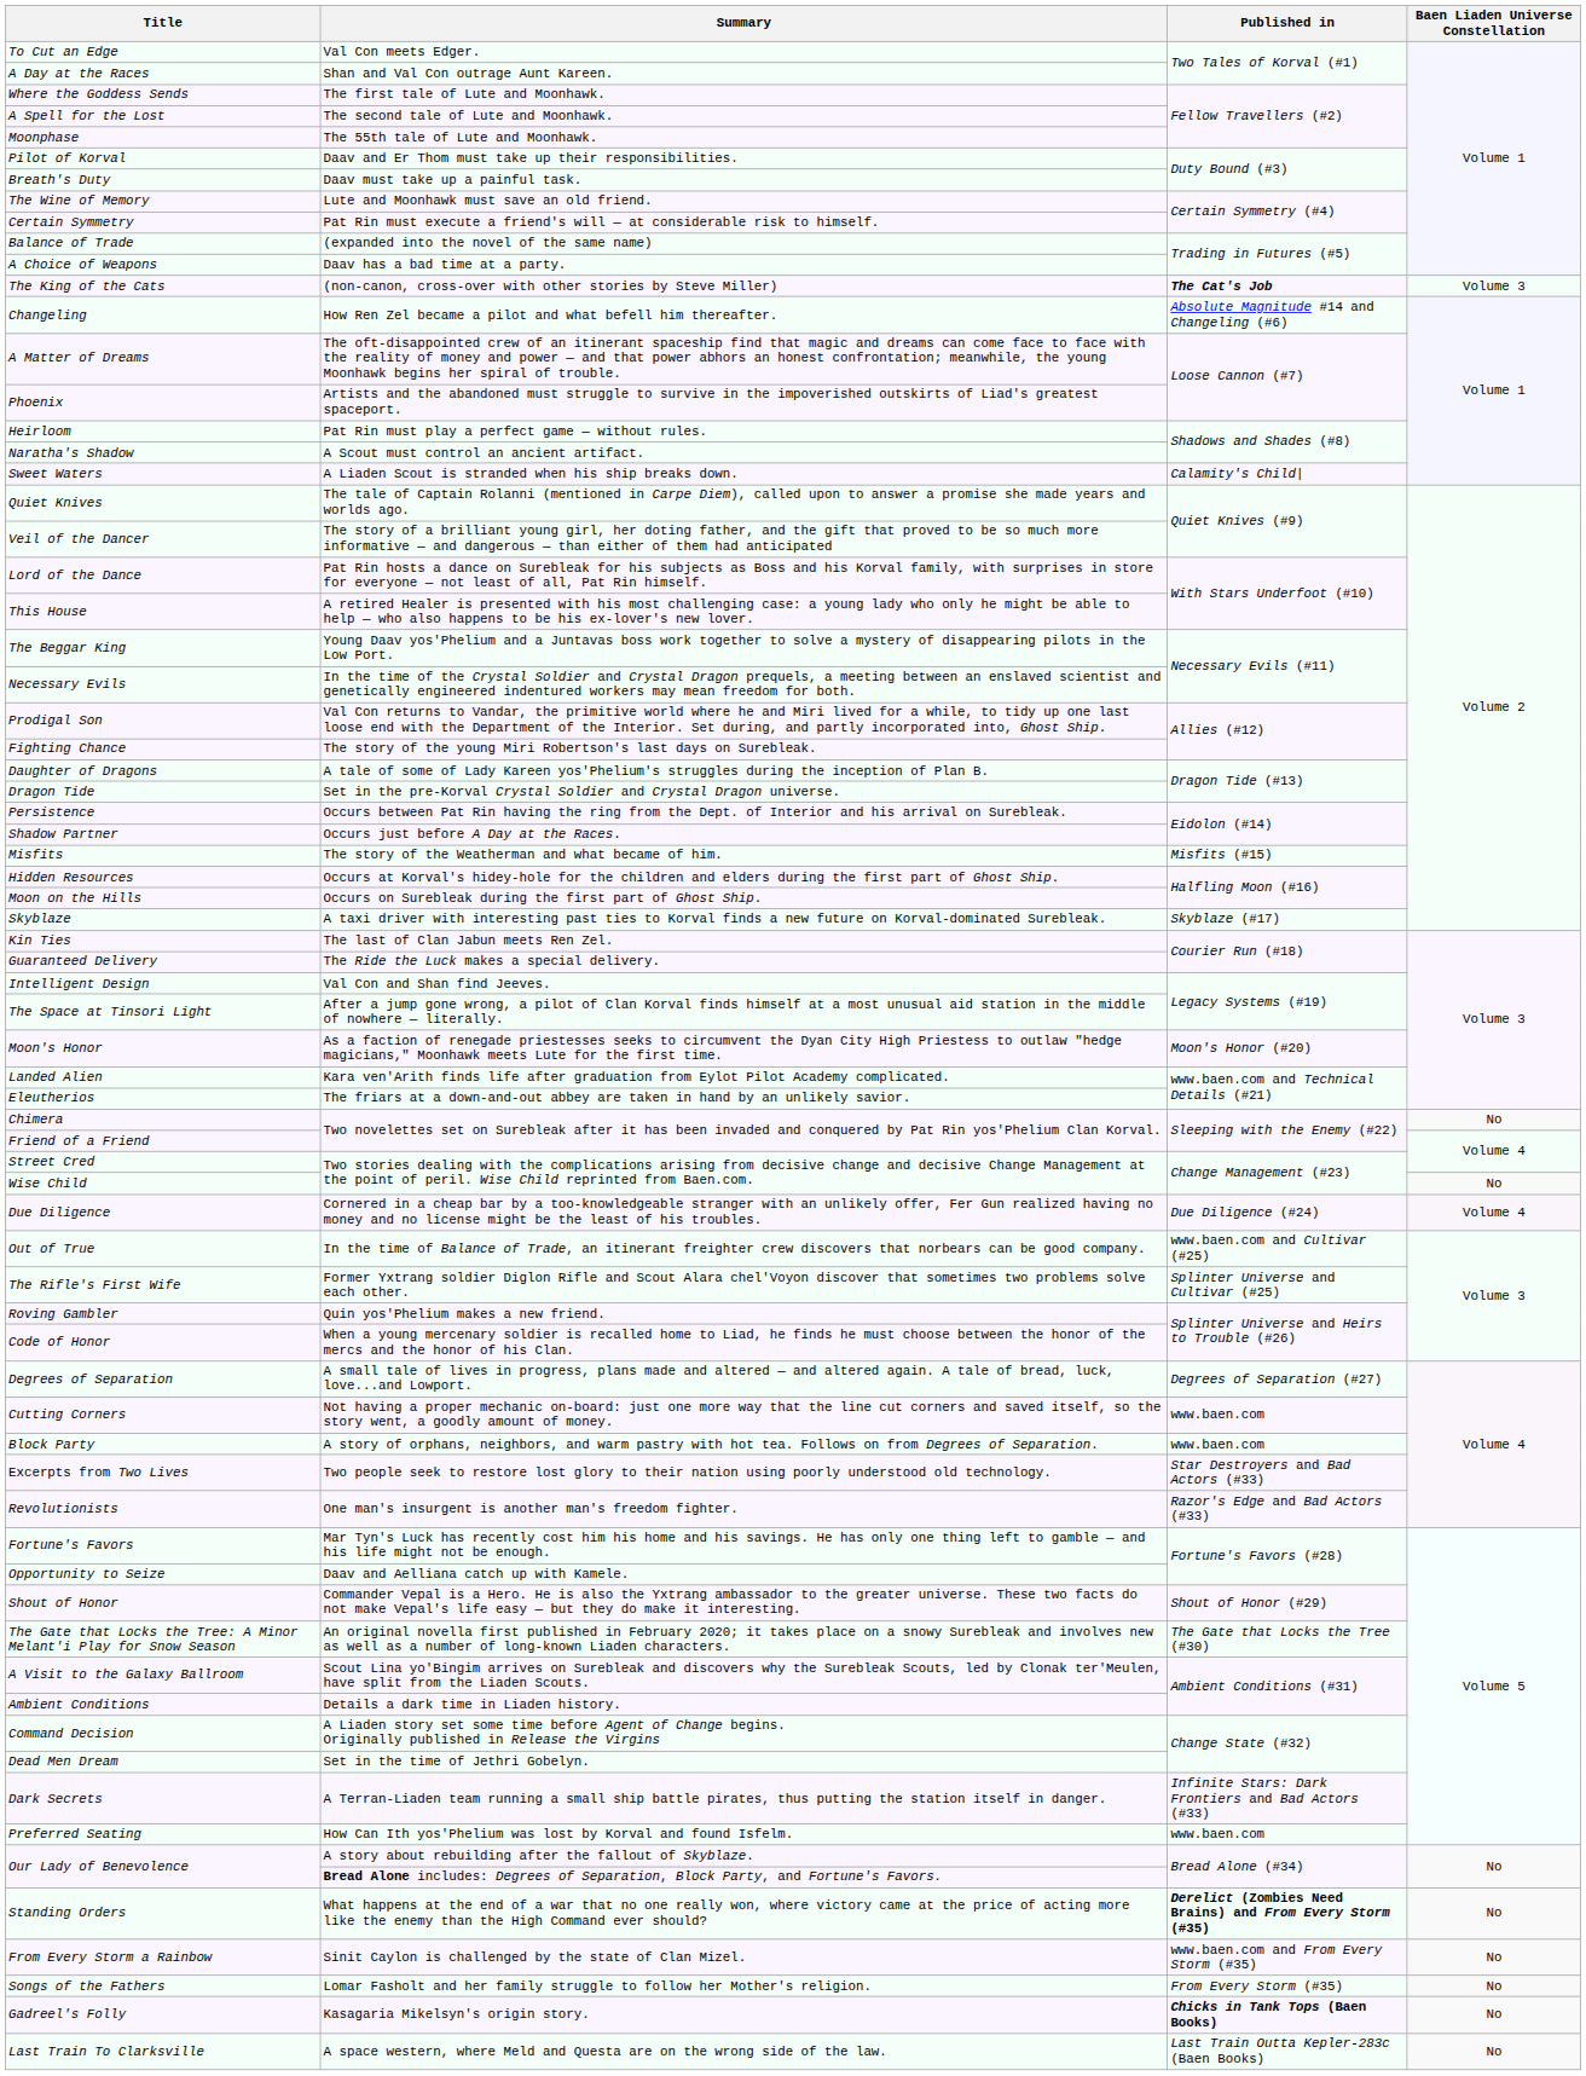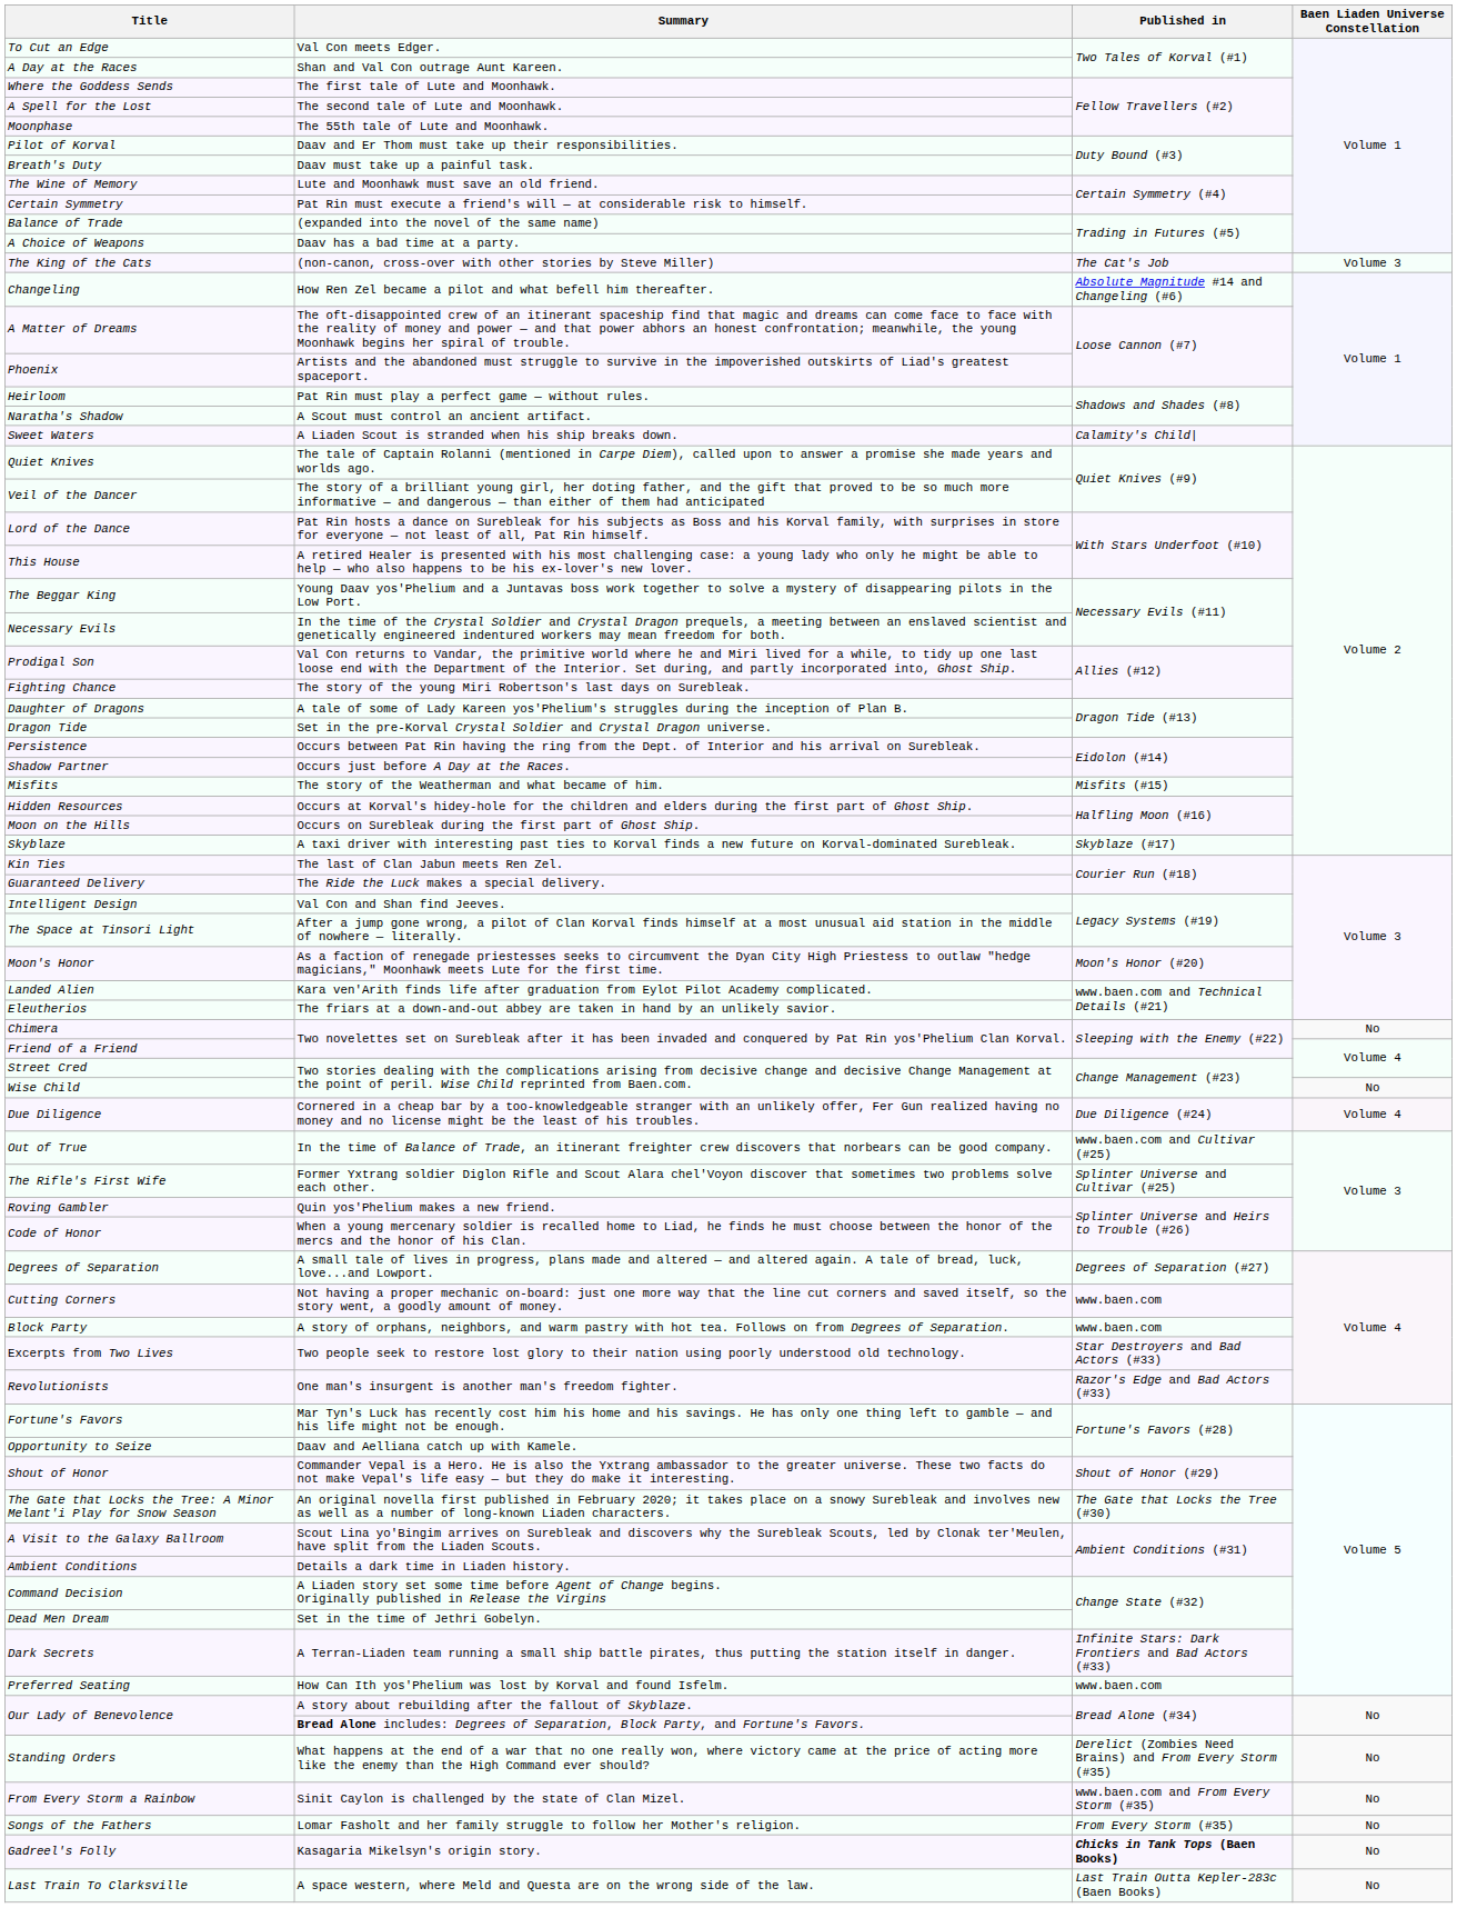 <table class="wikitable sortable" style="margin-top:0;">
 <tr>
 <th style="width:20%;">Title</th>
 <th>Summary</th>
 <th>Published in</th>
 <th>Baen Liaden Universe Constellation</th>
 </tr>
 <tr style="background: #f5fffa">
 <td><em>To Cut an Edge</em></td>
 <td>Val Con meets Edger.</td>
 <td rowspan="2"><em>Two Tales of Korval</em> (#1)</td>
 <td rowspan="11" style="background: #f5f5ff; text-align: center">Volume 1</td>
 </tr>
 <tr style="background: #f5fffa">
 <td><em>A Day at the Races</em></td>
 <td>Shan and Val Con outrage Aunt Kareen.</td>
 </tr>
 <tr style="background: #faf5ff">
 <td><em>Where the Goddess Sends</em></td>
 <td>The first tale of Lute and Moonhawk.</td>
 <td rowspan="3"><em>Fellow Travellers</em> (#2)</td>
 </tr>
 <tr style="background: #faf5ff">
 <td><em>A Spell for the Lost</em></td>
 <td>The second tale of Lute and Moonhawk.</td>
 </tr>
 <tr style="background: #faf5ff">
 <td><em>Moonphase</em></td>
 <td>The 55th tale of Lute and Moonhawk.</td>
 </tr>
 <tr style="background: #f5fffa">
 <td><em>Pilot of Korval</em></td>
 <td>Daav and Er Thom must take up their responsibilities.</td>
 <td rowspan="2"><em>Duty Bound</em> (#3)</td>
 </tr>
 <tr style="background: #f5fffa">
 <td><em>Breath's Duty</em></td>
 <td>Daav must take up a painful task.</td>
 </tr>
 <tr style="background: #faf5ff">
 <td><em>The Wine of Memory</em></td>
 <td>Lute and Moonhawk must save an old friend.</td>
 <td rowspan="2"><em>Certain Symmetry</em> (#4)</td>
 </tr>
 <tr style="background: #faf5ff">
 <td><em>Certain Symmetry</em></td>
 <td>Pat Rin must execute a friend's will — at considerable risk to himself.</td>
 </tr>
 <tr style="background: #f5fffa">
 <td><em>Balance of Trade</em></td>
 <td>(expanded into the novel of the same name)</td>
 <td rowspan="2"><em>Trading in Futures</em> (#5)</td>
 </tr>
 <tr style="background: #f5fffa">
 <td><em>A Choice of Weapons</em></td>
 <td>Daav has a bad time at a party.</td>
 </tr>
 <tr style="background: #faf5ff">
 <td><em>The King of the Cats</em></td>
 <td>(non-canon, cross-over with other stories by Steve Miller)</td>
-<td><strong><em>The Cat's Job</em></strong></td>
+<td><em>The Cat's Job</em></td>
 <td style="text-align: center; background: #f5fffa">Volume 3</td>
 </tr>
 <tr style="background: #f5fffa">
 <td><em>Changeling</em></td>
 <td>How Ren Zel became a pilot and what befell him thereafter.</td>
 <td><em><a href='#'>Absolute Magnitude</a></em> #14 and <em>Changeling</em> (#6)</td>
 <td rowspan="6" style="background: #f5f5ff; text-align: center">Volume 1</td>
 </tr>
 <tr style="background: #faf5ff">
 <td><em>A Matter of Dreams</em></td>
 <td>The oft-disappointed crew of an itinerant spaceship find that magic and dreams can come face to face with the reality of money and power — and that power abhors an honest confrontation; meanwhile, the young Moonhawk begins her spiral of trouble.</td>
 <td rowspan="2"><em>Loose Cannon</em> (#7)</td>
 </tr>
 <tr style="background: #faf5ff">
 <td><em>Phoenix</em></td>
 <td>Artists and the abandoned must struggle to survive in the impoverished outskirts of Liad's greatest spaceport.</td>
 </tr>
 <tr style="background: #f5fffa">
 <td><em>Heirloom</em></td>
 <td>Pat Rin must play a perfect game — without rules.</td>
 <td rowspan="2"><em>Shadows and Shades</em> (#8)</td>
 </tr>
 <tr style="background: #f5fffa">
 <td><em>Naratha's Shadow</em></td>
 <td>A Scout must control an ancient artifact.</td>
 </tr>
 <tr style="background: #faf5ff">
 <td><em>Sweet Waters</em></td>
 <td>A Liaden Scout is stranded when his ship breaks down.</td>
 <td><em>Calamity's Child</em>|</td>
 </tr>
 <tr style="background: #f5fffa">
 <td><em>Quiet Knives</em></td>
 <td>The tale of Captain Rolanni (mentioned in <em>Carpe Diem</em>), called upon to answer a promise she made years and worlds ago.</td>
 <td rowspan="2"><em>Quiet Knives</em> (#9)</td>
 <td rowspan="16" style="text-align: center; background: #f5fffa;" >Volume 2</td>
 </tr>
 <tr style="background: #f5fffa">
 <td><em>Veil of the Dancer</em></td>
 <td>The story of a brilliant young girl, her doting father, and the gift that proved to be so much more informative — and dangerous — than either of them had anticipated</td>
 </tr>
 <tr style="background: #faf5ff">
 <td><em>Lord of the Dance</em></td>
 <td>Pat Rin hosts a dance on Surebleak for his subjects as Boss and his Korval family, with surprises in store for everyone — not least of all, Pat Rin himself.</td>
 <td rowspan="2"><em>With Stars Underfoot</em> (#10)</td>
 </tr>
 <tr style="background: #faf5ff">
 <td><em>This House</em></td>
 <td>A retired Healer is presented with his most challenging case: a young lady who only he might be able to help — who also happens to be his ex-lover's new lover.</td>
 </tr>
 <tr style="background: #f5fffa">
 <td><em>The Beggar King</em></td>
 <td>Young Daav yos'Phelium and a Juntavas boss work together to solve a mystery of disappearing pilots in the Low Port.</td>
 <td rowspan="2"><em>Necessary Evils</em> (#11)</td>
 </tr>
 <tr style="background: #f5fffa;">
 <td><em>Necessary Evils</em></td>
 <td>In the time of the <em>Crystal Soldier</em> and <em>Crystal Dragon</em> prequels, a meeting between an enslaved scientist and genetically engineered indentured workers may mean freedom for both.</td>
 </tr>
 <tr style="background: #faf5ff;">
 <td><em>Prodigal Son</em></td>
 <td>Val Con returns to Vandar, the primitive world where he and Miri lived for a while, to tidy up one last loose end with the Department of the Interior. Set during, and partly incorporated into, <em>Ghost Ship</em>.</td>
 <td rowspan="2"><em>Allies</em> (#12)</td>
 </tr>
 <tr style="background: #faf5ff">
 <td><em>Fighting Chance</em></td>
 <td>The story of the young Miri Robertson's last days on Surebleak.</td>
 </tr>
 <tr style="background: #f5fffa">
 <td><em>Daughter of Dragons</em></td>
 <td>A tale of some of Lady Kareen yos'Phelium's struggles during the inception of Plan B.</td>
 <td rowspan="2"><em>Dragon Tide</em> (#13)</td>
 </tr>
 <tr style="background: #f5fffa">
 <td><em>Dragon Tide</em></td>
 <td>Set in the pre-Korval <em>Crystal Soldier</em> and <em>Crystal Dragon</em> universe.</td>
 </tr>
 <tr style="background: #faf5ff">
 <td><em>Persistence</em></td>
 <td>Occurs between Pat Rin having the ring from the Dept. of Interior and his arrival on Surebleak.</td>
 <td rowspan="2"><em>Eidolon</em> (#14)</td>
 </tr>
 <tr style="background: #faf5ff">
 <td><em>Shadow Partner</em></td>
 <td>Occurs just before <em>A Day at the Races</em>.</td>
 </tr>
 <tr style="background: #f5fffa">
 <td><em>Misfits</em></td>
 <td>The story of the Weatherman and what became of him.</td>
 <td><em>Misfits</em> (#15)</td>
 </tr>
 <tr style="background: #faf5ff">
 <td><em>Hidden Resources</em></td>
 <td>Occurs at Korval's hidey-hole for the children and elders during the first part of <em>Ghost Ship</em>.</td>
 <td rowspan="2"><em>Halfling Moon</em> (#16)</td>
 </tr>
 <tr style="background: #faf5ff">
 <td><em>Moon on the Hills</em></td>
 <td>Occurs on Surebleak during the first part of <em>Ghost Ship</em>.</td>
 </tr>
 <tr style="background: #f5fffa">
 <td><em>Skyblaze</em></td>
 <td>A taxi driver with interesting past ties to Korval finds a new future on Korval-dominated Surebleak.</td>
 <td><em>Skyblaze</em> (#17)</td>
 </tr>
 <tr style="background: #faf5ff">
 <td><em>Kin Ties</em></td>
 <td>The last of Clan Jabun meets Ren Zel.</td>
 <td rowspan="2"><em>Courier Run</em> (#18)</td>
 <td rowspan="7" style="text-align: center; background: f5f5ff ">Volume 3</td>
 </tr>
 <tr style="background: #faf5ff">
 <td><em>Guaranteed Delivery</em></td>
 <td>The <em>Ride the Luck</em> makes a special delivery.</td>
 </tr>
 <tr style="background: #f5fffa">
 <td><em>Intelligent Design</em></td>
 <td>Val Con and Shan find Jeeves.</td>
 <td rowspan="2"><em>Legacy Systems</em> (#19)</td>
 </tr>
 <tr style="background: #f5fffa">
 <td><em>The Space at Tinsori Light</em></td>
 <td>After a jump gone wrong, a pilot of Clan Korval finds himself at a most unusual aid station in the middle of nowhere — literally.</td>
 </tr>
 <tr style="background: #faf5ff">
 <td><em>Moon's Honor</em></td>
 <td>As a faction of renegade priestesses seeks to circumvent the Dyan City High Priestess to outlaw "hedge magicians," Moonhawk meets Lute for the first time.</td>
 <td><em>Moon's Honor</em> (#20)</td>
 </tr>
 <tr style="background: #f5fffa">
 <td><em>Landed Alien</em></td>
 <td>Kara ven'Arith finds life after graduation from Eylot Pilot Academy complicated.</td>
 <td rowspan="2">www.baen.com and <em>Technical Details</em> (#21)</td>
 </tr>
 <tr style="background: #f5fffa">
 <td><em>Eleutherios</em></td>
 <td>The friars at a down-and-out abbey are taken in hand by an unlikely savior.</td>
 </tr>
 <tr style="background: #faf5ff">
 <td><em>Chimera</em></td>
 <td rowspan="2">Two novelettes set on Surebleak after it has been invaded and conquered by Pat Rin yos'Phelium Clan Korval.</td>
 <td rowspan="2"><em>Sleeping with the Enemy</em> (#22)</td>
 <td rowspan="1" style="text-align: center; background: #f9f9f9;">No</td>
 </tr>
 <tr style="background: #faf5ff">
 <td><em>Friend of a Friend</em></td>
 <td rowspan="2" style="text-align: center; background: #f5fffa;">Volume 4</td>
 </tr>
 <tr style="background: #f5fffa">
 <td><em>Street Cred</em></td>
 <td rowspan="2">Two stories dealing with the complications arising from decisive change and decisive Change Management at the point of peril. <em>Wise Child</em> reprinted from Baen.com.</td>
 <td rowspan="2"><em>Change Management</em> (#23)</td>
 </tr>
 <tr style="background: #f5fffa">
 <td><em>Wise Child</em></td>
 <td style="text-align: center; background: #f9f9f9;">No</td>
 </tr>
 <tr style="background: #faf5ff;">
 <td><em>Due Diligence</em></td>
 <td>Cornered in a cheap bar by a too-knowledgeable stranger with an unlikely offer, Fer Gun realized having no money and no license might be the least of his troubles.</td>
 <td><em>Due Diligence</em> (#24)</td>
 <td style="background: #faf5fa; text-align: center">Volume 4</td>
 </tr>
 <tr style="background: #f5fffa">
 <td><em>Out of True</em></td>
 <td>In the time of <em>Balance of Trade</em>, an itinerant freighter crew discovers that norbears can be good company.</td>
 <td>www.baen.com and <em>Cultivar</em> (#25)</td>
 <td rowspan="4" style="text-align: center; background: #f5fffa">Volume 3</td>
 </tr>
 <tr style="background: #f5fffa">
 <td><em>The Rifle's First Wife</em></td>
 <td>Former Yxtrang soldier Diglon Rifle and Scout Alara chel'Voyon discover that sometimes two problems solve each other.</td>
 <td><em>Splinter Universe</em> and <em>Cultivar</em> (#25)</td>
 </tr>
 <tr style="background: #faf5ff">
 <td><em>Roving Gambler</em></td>
 <td>Quin yos'Phelium makes a new friend.</td>
 <td rowspan="2"><em>Splinter Universe</em> and <em>Heirs to Trouble</em> (#26)</td>
 </tr>
 <tr style="background: #faf5ff">
 <td><em>Code of Honor</em></td>
 <td>When a young mercenary soldier is recalled home to Liad, he finds he must choose between the honor of the mercs and the honor of his Clan.</td>
 </tr>
 <tr style="background: #f5fffa;">
 <td><em>Degrees of Separation</em></td>
 <td>A small tale of lives in progress, plans made and altered — and altered again. A tale of bread, luck, love...and Lowport.</td>
 <td><em>Degrees of Separation</em> (#27)</td>
 <td rowspan="5" style="background: #faf5fa; text-align: center">Volume 4</td>
 </tr>
 <tr style="background: #faf5ff;">
 <td><em>Cutting Corners</em></td>
 <td>Not having a proper mechanic on-board: just one more way that the line cut corners and saved itself, so the story went, a goodly amount of money.</td>
 <td>www.baen.com</td>
 </tr>
 <tr style="background: #f5fffa;">
 <td><em>Block Party</em></td>
 <td>A story of orphans, neighbors, and warm pastry with hot tea. Follows on from <em>Degrees of Separation</em>.</td>
 <td>www.baen.com</td>
 </tr>
 <tr style="background: #faf5ff;">
 <td>Excerpts from <em>Two Lives</em></td>
 <td>Two people seek to restore lost glory to their nation using poorly understood old technology.</td>
 <td><em>Star Destroyers</em> and <em>Bad Actors</em> (#33)</td>
 </tr>
 <tr style="background: #faf5ff;">
 <td><em>Revolutionists</em></td>
 <td>One man's insurgent is another man's freedom fighter.</td>
 <td><em>Razor's Edge</em> and <em>Bad Actors</em> (#33)</td>
 </tr>
 <tr style="background: #f5fffa;">
 <td><em>Fortune's Favors</em></td>
 <td>Mar Tyn's Luck has recently cost him his home and his savings. He has only one thing left to gamble — and his life might not be enough.</td>
 <td rowspan="2"><em>Fortune's Favors</em> (#28)</td>
 <td rowspan="10" style="text-align: center; background: #f5ffff;">Volume 5</td>
 </tr>
 <tr style="background: #f5fffa;">
 <td><em>Opportunity to Seize</em></td>
 <td>Daav and Aelliana catch up with Kamele.</td>
 </tr>
 <tr style="background: #faf5ff;">
 <td><em>Shout of Honor</em></td>
 <td>Commander Vepal is a Hero. He is also the Yxtrang ambassador to the greater universe. These two facts do not make Vepal's life easy — but they do make it interesting.</td>
 <td><em>Shout of Honor</em> (#29)</td>
 </tr>
 <tr style="background: #f5fffa">
 <td><em>The Gate that Locks the Tree: A Minor Melant'i Play for Snow Season</em></td>
 <td>An original novella first published in February 2020; it takes place on a snowy Surebleak and involves new as well as a number of long-known Liaden characters.</td>
 <td><em>The Gate that Locks the Tree</em> (#30)</td>
 </tr>
 <tr style="background: #faf5ff";>
 <td><em>A Visit to the Galaxy Ballroom</em></td>
 <td>Scout Lina yo'Bingim arrives on Surebleak and discovers why the Surebleak Scouts, led by Clonak ter'Meulen, have split from the Liaden Scouts.</td>
 <td rowspan="2"><em>Ambient Conditions</em> (#31)</td>
 </tr>
 <tr style="background: #faf5ff";>
 <td><em>Ambient Conditions</em></td>
 <td>Details a dark time in Liaden history.</td>
 </tr>
 <tr style="background: #f5fffa";>
 <td><em>Command Decision</em></td>
 <td>A Liaden story set some time before <em>Agent of Change</em> begins.<br>Originally published in <em>Release the Virgins</em></td>
 <td rowspan="2"><em>Change State</em> (#32)</td>
 </tr>
 <tr style="background: #f5fffa";>
 <td><em>Dead Men Dream</em></td>
 <td>Set in the time of Jethri Gobelyn.</td>
 </tr>
 <tr style="background: #faf5ff">
 <td><em>Dark Secrets</em></td>
 <td>A Terran-Liaden team running a small ship battle pirates, thus putting the station itself in danger.</td>
 <td><em>Infinite Stars: Dark Frontiers</em> and <em>Bad Actors</em> (#33)</td>
 </tr>
 <tr style="background: #f5fffa";>
 <td><em>Preferred Seating</em></td>
 <td>How Can Ith yos'Phelium was lost by Korval and found Isfelm.</td>
 <td>www.baen.com</td>
 </tr>
 <tr style="background: #faf5ff">
 <td rowspan="2"><em>Our Lady of Benevolence</em></td>
 <td>A story about rebuilding after the fallout of <em>Skyblaze</em>.</td>
 <td rowspan="2"><em>Bread Alone</em> (#34)</td>
 <td rowspan="2" style="text-align: center; background: #f9f9f9">No</td>
 </tr>
 <tr style="background: #faf5ff;">
 <td><strong>Bread Alone</strong> includes: <em>Degrees of Separation</em>, <em>Block Party</em>, and <em>Fortune's Favors.</em></td>
 </tr>
 <tr style="background: #f5fffa">
 <td><em>Standing Orders</em></td>
 <td>What happens at the end of a war that no one really won, where victory came at the price of acting more like the enemy than the High Command ever should?</td>
-<td><strong><em>Derelict</em> (Zombies Need Brains) and <em>From Every Storm</em> (#35)</strong></td>
+<td><em>Derelict</em> (Zombies Need Brains) and <em>From Every Storm</em> (#35)</td>
 <td style="text-align: center; background: #f9f9f9">No</td>
 </tr>
 <tr style="background: #faf5ff">
 <td><em>From Every Storm a Rainbow</em></td>
 <td>Sinit Caylon is challenged by the state of Clan Mizel.</td>
 <td>www.baen.com and <em>From Every Storm</em> (#35)</td>
 <td style="text-align: center; background: #f9f9f9">No</td>
 </tr>
 <tr style="background: #f5fffa">
 <td><em>Songs of the Fathers</em></td>
 <td>Lomar Fasholt and her family struggle to follow her Mother's religion.</td>
 <td><em>From Every Storm</em> (#35)</td>
 <td style="text-align: center; background: #f9f9f9">No</td>
 </tr>
 <tr style="background: #faf5ff">
 <td><em>Gadreel's Folly</em></td>
 <td>Kasagaria Mikelsyn's origin story.</td>
 <td><strong><em>Chicks in Tank Tops</em> (Baen Books)</strong></td>
 <td style="text-align: center; background: #f9f9f9">No</td>
 </tr>
 <tr style="background: #f5fffa">
 <td><em>Last Train To Clarksville</em></td>
 <td>A space western, where Meld and Questa are on the wrong side of the law.</td>
 <td><em>Last Train Outta Kepler-283c</em> (Baen Books)</td>
 <td style="text-align: center; background: #f9f9f9">No</td>
 </tr>
 </table>
